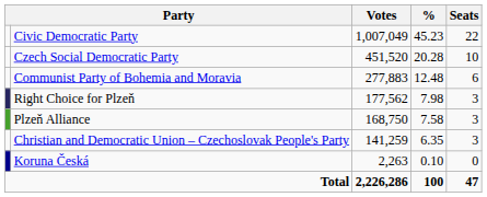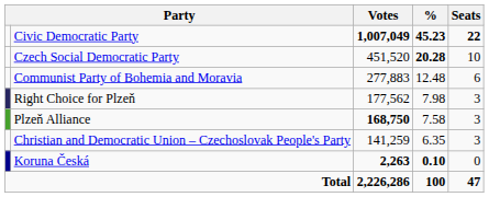 <table class=wikitable style=text-align:right>
 <tr>
 <th colspan=2>Party</th>
 <th>Votes</th>
 <th>%</th>
 <th>Seats</th>
 </tr>
 <tr>
 <td></td>
 <td align=left><a href='#'>Civic Democratic Party</a></td>
-<td>1,007,049</td>
-<td>45.23</td>
-<td>22</td>
+<td><strong>1,007,049</strong></td>
+<td><strong>45.23</strong></td>
+<td><strong>22</strong></td>
 </tr>
 <tr>
 <td></td>
 <td align=left><a href='#'>Czech Social Democratic Party</a></td>
 <td>451,520</td>
-<td>20.28</td>
+<td><strong>20.28</strong></td>
 <td>10</td>
 </tr>
 <tr>
 <td></td>
 <td align=left><a href='#'>Communist Party of Bohemia and Moravia</a></td>
 <td>277,883</td>
 <td>12.48</td>
 <td>6</td>
 </tr>
 <tr>
 <td style="background:#272660;"></td>
 <td align=left>Right Choice for Plzeň</td>
 <td>177,562</td>
 <td>7.98</td>
 <td>3</td>
 </tr>
 <tr>
 <td style="background:#46A12C;"></td>
 <td align=left>Plzeň Alliance</td>
-<td>168,750</td>
+<td><strong>168,750</strong></td>
 <td>7.58</td>
 <td>3</td>
 </tr>
 <tr>
 <td></td>
 <td align=left><a href='#'>Christian and Democratic Union – Czechoslovak People's Party</a></td>
 <td>141,259</td>
 <td>6.35</td>
 <td>3</td>
 </tr>
 <tr>
 <td style="background:#00008B;"></td>
 <td align=left><a href='#'>Koruna Česká</a></td>
-<td>2,263</td>
-<td>0.10</td>
+<td><strong>2,263</strong></td>
+<td><strong>0.10</strong></td>
 <td>0</td>
 </tr>
 <tr>
 <td colspan="2"><strong>Total</strong></td>
 <td><strong>2,226,286</strong></td>
 <td><strong>100</strong></td>
 <td><strong>47</strong></td>
 </tr>
 </table>
